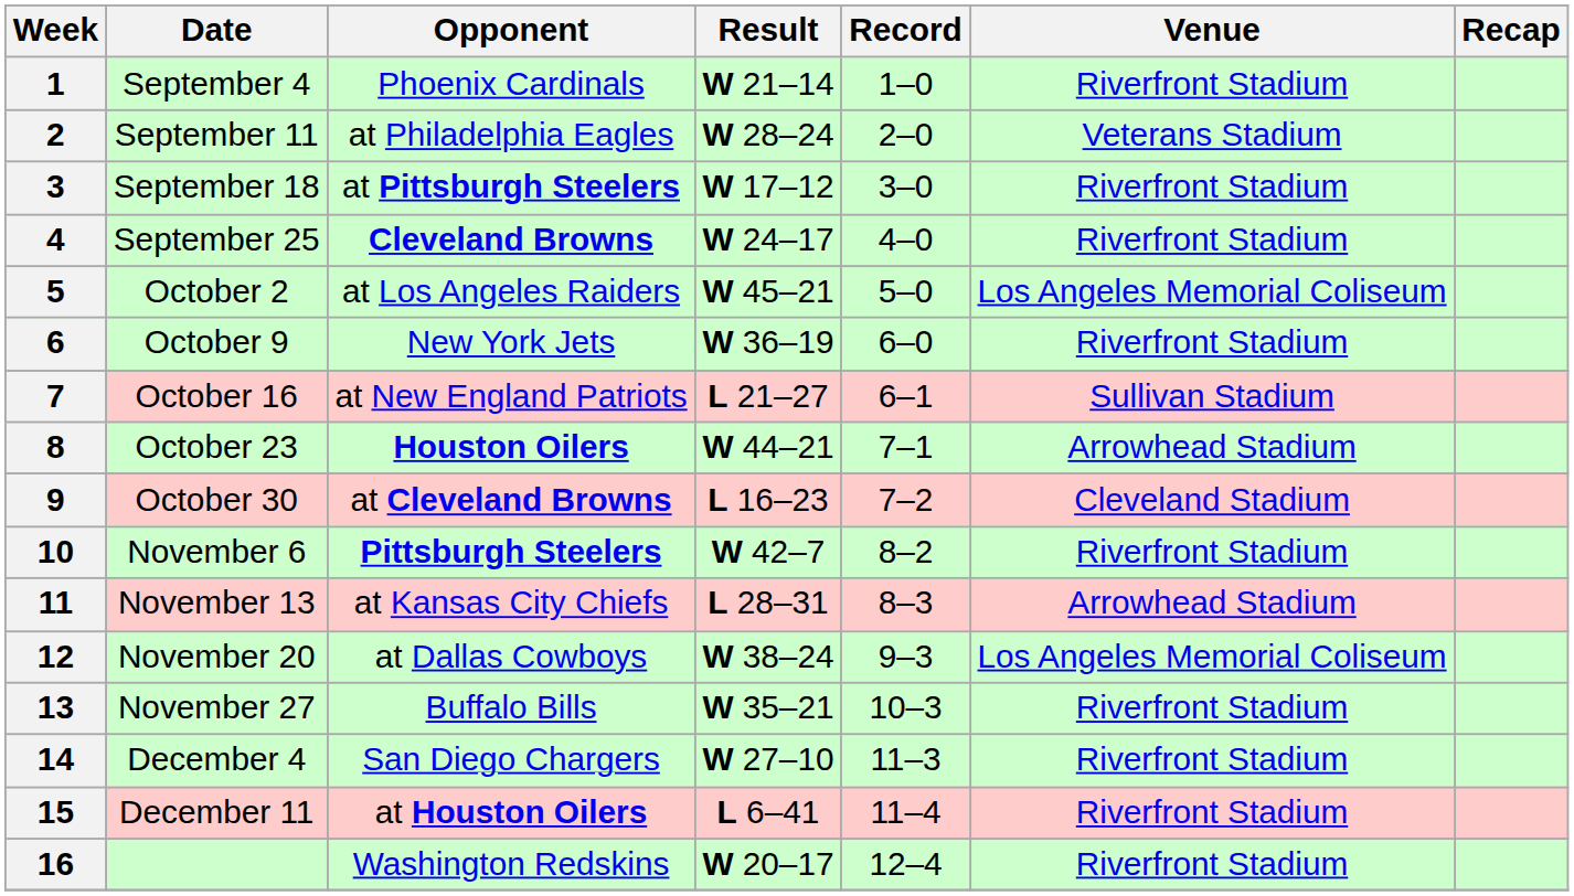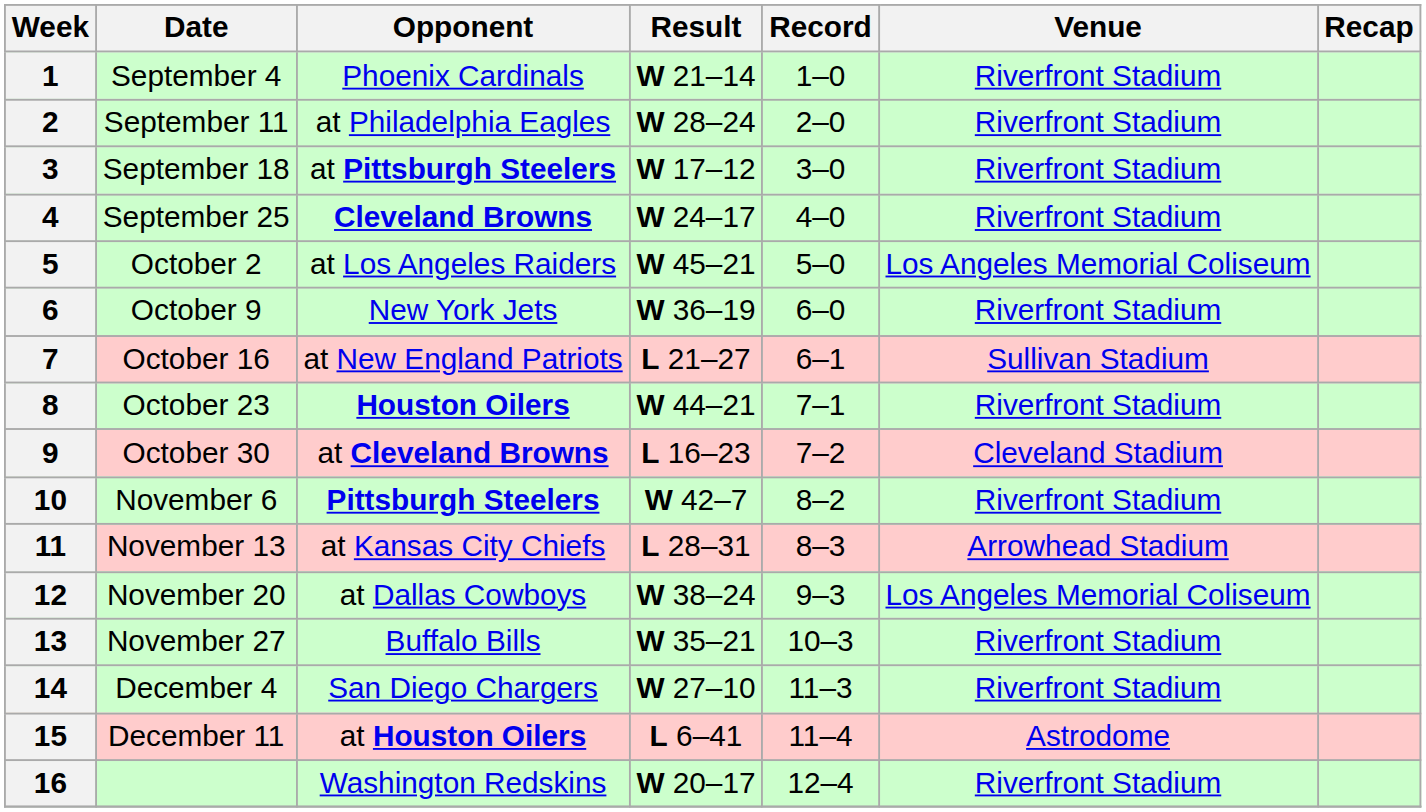 <table class="wikitable" style="text-align:center">
 <tr>
 <th>Week</th>
 <th>Date</th>
 <th>Opponent</th>
 <th>Result</th>
 <th>Record</th>
 <th>Venue</th>
 <th>Recap</th>
 </tr>
 <tr style="background:#cfc">
 <th>1</th>
 <td>September 4</td>
 <td><a href='#'>Phoenix Cardinals</a></td>
 <td><strong>W</strong> 21–14</td>
 <td>1–0</td>
 <td><a href='#'>Riverfront Stadium</a></td>
 <td></td>
 </tr>
 <tr style="background:#cfc">
 <th>2</th>
 <td>September 11</td>
 <td>at <a href='#'>Philadelphia Eagles</a></td>
 <td><strong>W</strong> 28–24</td>
 <td>2–0</td>
-<td><a href='#'>Veterans Stadium</a></td>
+<td><a href='#'>Riverfront Stadium</a></td>
 <td></td>
 </tr>
 <tr style="background:#cfc">
 <th>3</th>
 <td>September 18</td>
 <td>at <strong><a href='#'>Pittsburgh Steelers</a></strong></td>
 <td><strong>W</strong> 17–12</td>
 <td>3–0</td>
 <td><a href='#'>Riverfront Stadium</a></td>
 <td></td>
 </tr>
 <tr style="background:#cfc">
 <th>4</th>
 <td>September 25</td>
 <td><strong><a href='#'>Cleveland Browns</a></strong></td>
 <td><strong>W</strong> 24–17</td>
 <td>4–0</td>
 <td><a href='#'>Riverfront Stadium</a></td>
 <td></td>
 </tr>
 <tr style="background:#cfc">
 <th>5</th>
 <td>October 2</td>
 <td>at <a href='#'>Los Angeles Raiders</a></td>
 <td><strong>W</strong> 45–21</td>
 <td>5–0</td>
 <td><a href='#'>Los Angeles Memorial Coliseum</a></td>
 <td></td>
 </tr>
 <tr style="background:#cfc">
 <th>6</th>
 <td>October 9</td>
 <td><a href='#'>New York Jets</a></td>
 <td><strong>W</strong> 36–19</td>
 <td>6–0</td>
 <td><a href='#'>Riverfront Stadium</a></td>
 <td></td>
 </tr>
 <tr style="background:#fcc">
 <th>7</th>
 <td>October 16</td>
 <td>at <a href='#'>New England Patriots</a></td>
 <td><strong>L</strong> 21–27</td>
 <td>6–1</td>
 <td><a href='#'>Sullivan Stadium</a></td>
 <td></td>
 </tr>
 <tr style="background:#cfc">
 <th>8</th>
 <td>October 23</td>
 <td><strong><a href='#'>Houston Oilers</a></strong></td>
 <td><strong>W</strong> 44–21</td>
 <td>7–1</td>
-<td><a href='#'>Arrowhead Stadium</a></td>
+<td><a href='#'>Riverfront Stadium</a></td>
 <td></td>
 </tr>
 <tr style="background:#fcc">
 <th>9</th>
 <td>October 30</td>
 <td>at <strong><a href='#'>Cleveland Browns</a></strong></td>
 <td><strong>L</strong> 16–23</td>
 <td>7–2</td>
 <td><a href='#'>Cleveland Stadium</a></td>
 <td></td>
 </tr>
 <tr style="background:#cfc">
 <th>10</th>
 <td>November 6</td>
 <td><strong><a href='#'>Pittsburgh Steelers</a></strong></td>
 <td><strong>W</strong> 42–7</td>
 <td>8–2</td>
 <td><a href='#'>Riverfront Stadium</a></td>
 <td></td>
 </tr>
 <tr style="background:#fcc">
 <th>11</th>
 <td>November 13</td>
 <td>at <a href='#'>Kansas City Chiefs</a></td>
 <td><strong>L</strong> 28–31</td>
 <td>8–3</td>
 <td><a href='#'>Arrowhead Stadium</a></td>
 <td></td>
 </tr>
 <tr style="background:#cfc">
 <th>12</th>
 <td>November 20</td>
 <td>at <a href='#'>Dallas Cowboys</a></td>
 <td><strong>W</strong> 38–24</td>
 <td>9–3</td>
 <td><a href='#'>Los Angeles Memorial Coliseum</a></td>
 <td></td>
 </tr>
 <tr style="background:#cfc">
 <th>13</th>
 <td>November 27</td>
 <td><a href='#'>Buffalo Bills</a></td>
 <td><strong>W</strong> 35–21</td>
 <td>10–3</td>
 <td><a href='#'>Riverfront Stadium</a></td>
 <td></td>
 </tr>
 <tr style="background:#cfc">
 <th>14</th>
 <td>December 4</td>
 <td><a href='#'>San Diego Chargers</a></td>
 <td><strong>W</strong> 27–10</td>
 <td>11–3</td>
 <td><a href='#'>Riverfront Stadium</a></td>
 <td></td>
 </tr>
 <tr style="background:#fcc">
 <th>15</th>
 <td>December 11</td>
 <td>at <strong><a href='#'>Houston Oilers</a></strong></td>
 <td><strong>L</strong> 6–41</td>
 <td>11–4</td>
-<td><a href='#'>Riverfront Stadium</a></td>
+<td><a href='#'>Astrodome</a></td>
 <td></td>
 </tr>
 <tr style="background:#cfc">
 <th>16</th>
 <td></td>
 <td><a href='#'>Washington Redskins</a></td>
 <td><strong>W</strong> 20–17 </td>
 <td>12–4</td>
 <td><a href='#'>Riverfront Stadium</a></td>
 <td></td>
 </tr>
 <tr>
 </tr>
 </table>
